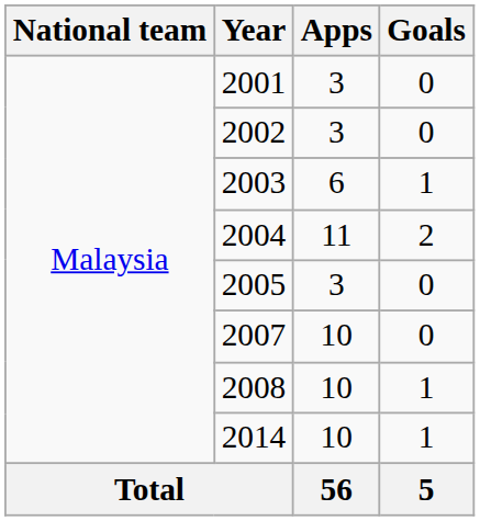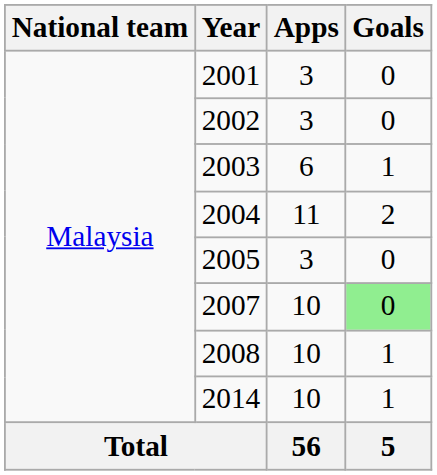 <table class=wikitable style="text-align: center;">
 <tr>
 <th>National team</th>
 <th>Year</th>
 <th>Apps</th>
 <th>Goals</th>
 </tr>
 <tr>
 <td rowspan=8><a href='#'>Malaysia</a></td>
 <td>2001</td>
 <td>3</td>
 <td>0</td>
 </tr>
 <tr>
 <td>2002</td>
 <td>3</td>
 <td>0</td>
 </tr>
 <tr>
 <td>2003</td>
 <td>6</td>
 <td>1</td>
 </tr>
 <tr>
 <td>2004</td>
 <td>11</td>
 <td>2</td>
 </tr>
 <tr>
 <td>2005</td>
 <td>3</td>
 <td>0</td>
 </tr>
 <tr>
 <td>2007</td>
 <td>10</td>
-<td>0</td>
+<td style="background: lightgreen;">0</td>
 </tr>
 <tr>
 <td>2008</td>
 <td>10</td>
 <td>1</td>
 </tr>
 <tr>
 <td>2014</td>
 <td>10</td>
 <td>1</td>
 </tr>
 <tr>
 <th colspan=2>Total</th>
 <th>56</th>
 <th>5</th>
 </tr>
 </table>
